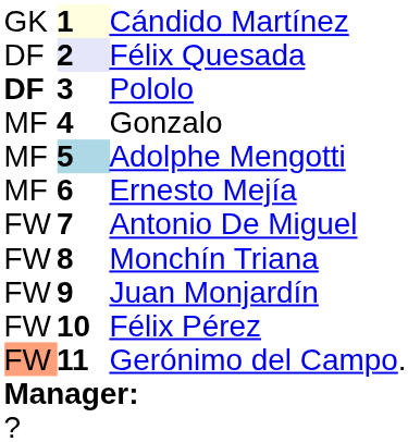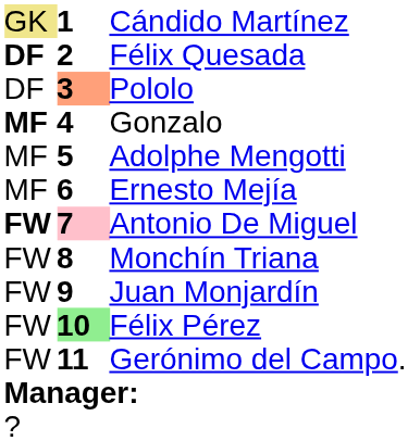 <table style="font-size: 90%" cellspacing="0" cellpadding="0" align=center>
 <tr>
 <td colspan="4"></td>
 </tr>
 <tr>
 <th width=25></th>
 <th width=25></th>
 </tr>
 <tr>
-<td>GK</td>
-<td style="background: lightyellow;"><strong>1</strong></td>
+<td style="background: khaki;">GK</td>
+<td><strong>1</strong></td>
 <td> <a href='#'>Cándido Martínez</a></td>
 </tr>
 <tr>
-<td>DF</td>
-<td style="background: lavender;"><strong>2</strong></td>
+<td><strong>DF</strong></td>
+<td><strong>2</strong></td>
 <td> <a href='#'>Félix Quesada</a></td>
 </tr>
 <tr>
-<td><strong>DF</strong></td>
-<td><strong>3</strong></td>
+<td>DF</td>
+<td style="background: lightsalmon;"><strong>3</strong></td>
 <td> <a href='#'>Pololo</a></td>
 </tr>
 <tr>
-<td>MF</td>
+<td><strong>MF</strong></td>
 <td><strong>4</strong></td>
 <td> Gonzalo</td>
 </tr>
 <tr>
 <td>MF</td>
-<td style="background: lightblue;"><strong>5</strong></td>
+<td><strong>5</strong></td>
 <td> <a href='#'>Adolphe Mengotti</a></td>
 </tr>
 <tr>
 <td>MF</td>
 <td><strong>6</strong></td>
 <td> <a href='#'>Ernesto Mejía</a></td>
 </tr>
 <tr>
-<td>FW</td>
-<td><strong>7</strong></td>
+<td><strong>FW</strong></td>
+<td style="background: pink;"><strong>7</strong></td>
 <td> <a href='#'>Antonio De Miguel</a></td>
 </tr>
 <tr>
 <td>FW</td>
 <td><strong>8</strong></td>
 <td> <a href='#'>Monchín Triana</a></td>
 </tr>
 <tr>
 <td>FW</td>
 <td><strong>9</strong></td>
 <td> <a href='#'>Juan Monjardín</a></td>
 </tr>
 <tr>
 <td>FW</td>
-<td><strong>10</strong></td>
+<td style="background: lightgreen;"><strong>10</strong></td>
 <td> <a href='#'>Félix Pérez</a></td>
 </tr>
 <tr>
-<td style="background: lightsalmon;">FW</td>
+<td>FW</td>
 <td><strong>11</strong></td>
 <td> <a href='#'>Gerónimo del Campo</a>.</td>
 </tr>
 <tr>
 <td colspan=3><strong>Manager:</strong></td>
 </tr>
 <tr>
 <td colspan=4>?</td>
 </tr>
 </table>
